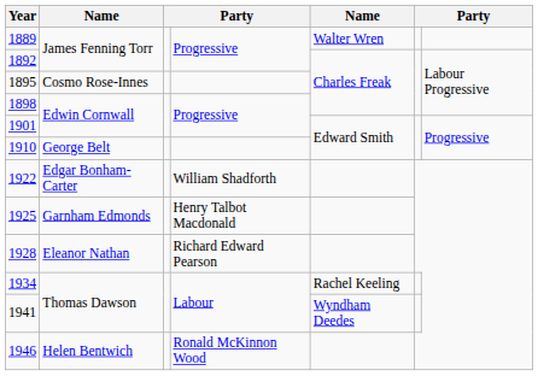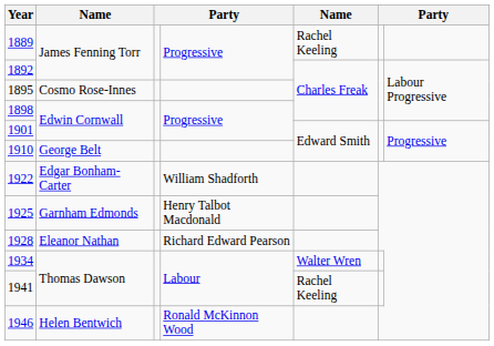 <table class="wikitable">
 <tr>
 <th>Year</th>
 <th>Name</th>
 <th colspan=2>Party</th>
 <th>Name</th>
 <th colspan=2>Party</th>
 </tr>
 <tr>
 <td><a href='#'>1889</a></td>
 <td rowspan=2>James Fenning Torr</td>
 <td rowspan=2 style="background-color: "></td>
 <td rowspan=2><a href='#'>Progressive</a></td>
-<td><a href='#'>Walter Wren</a></td>
+<td>Rachel Keeling</td>
 <td></td>
 </tr>
 <tr>
 <td><a href='#'>1892</a></td>
 <td rowspan=3><a href='#'>Charles Freak</a></td>
 <td rowspan=3 style="background-color: "></td>
 <td rowspan=3>Labour Progressive</td>
 </tr>
 <tr>
 <td>1895</td>
 <td>Cosmo Rose-Innes</td>
 <td></td>
 </tr>
 <tr>
 <td><a href='#'>1898</a></td>
 <td rowspan=2><a href='#'>Edwin Cornwall</a></td>
 <td rowspan=2 style="background-color: "></td>
 <td rowspan=2><a href='#'>Progressive</a></td>
 </tr>
 <tr>
 <td><a href='#'>1901</a></td>
 <td rowspan=2>Edward Smith</td>
 <td rowspan=2 style="background-color: "></td>
 <td rowspan=2><a href='#'>Progressive</a></td>
 </tr>
 <tr>
 <td><a href='#'>1910</a></td>
 <td><a href='#'>George Belt</a></td>
 <td></td>
 </tr>
 <tr>
 <td><a href='#'>1922</a></td>
 <td><a href='#'>Edgar Bonham-Carter</a></td>
 <td></td>
 <td>William Shadforth</td>
 <td></td>
 </tr>
 <tr>
 <td><a href='#'>1925</a></td>
 <td><a href='#'>Garnham Edmonds</a></td>
 <td></td>
 <td>Henry Talbot Macdonald</td>
 <td></td>
 </tr>
 <tr>
 <td><a href='#'>1928</a></td>
 <td><a href='#'>Eleanor Nathan</a></td>
 <td></td>
 <td>Richard Edward Pearson</td>
 <td></td>
 </tr>
 <tr>
 <td><a href='#'>1934</a></td>
 <td rowspan=2>Thomas Dawson</td>
 <td rowspan=2 style="background-color: "></td>
 <td rowspan=2><a href='#'>Labour</a></td>
-<td>Rachel Keeling</td>
+<td><a href='#'>Walter Wren</a></td>
 <td></td>
 </tr>
 <tr>
 <td>1941</td>
-<td><a href='#'>Wyndham Deedes</a></td>
+<td>Rachel Keeling</td>
 <td></td>
 </tr>
 <tr>
 <td><a href='#'>1946</a></td>
 <td><a href='#'>Helen Bentwich</a></td>
 <td></td>
 <td><a href='#'>Ronald McKinnon Wood</a></td>
 <td></td>
 </tr>
 </table>
